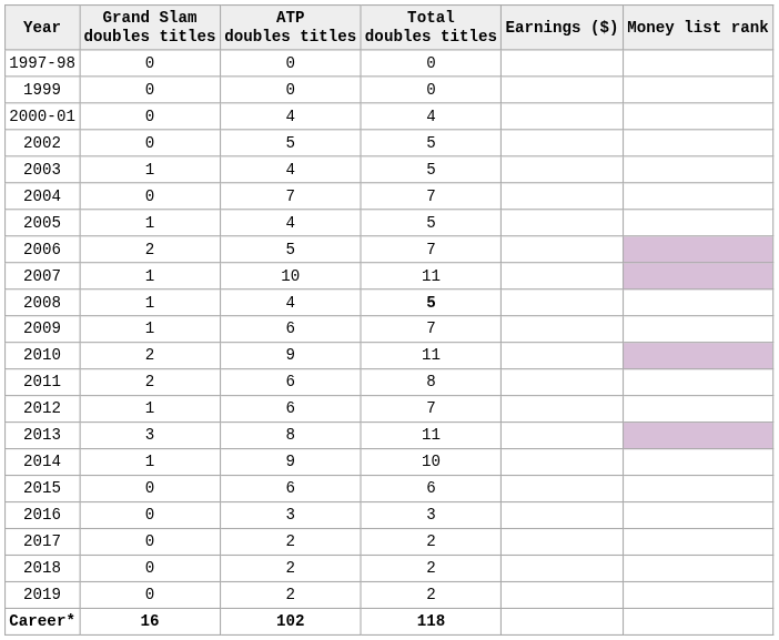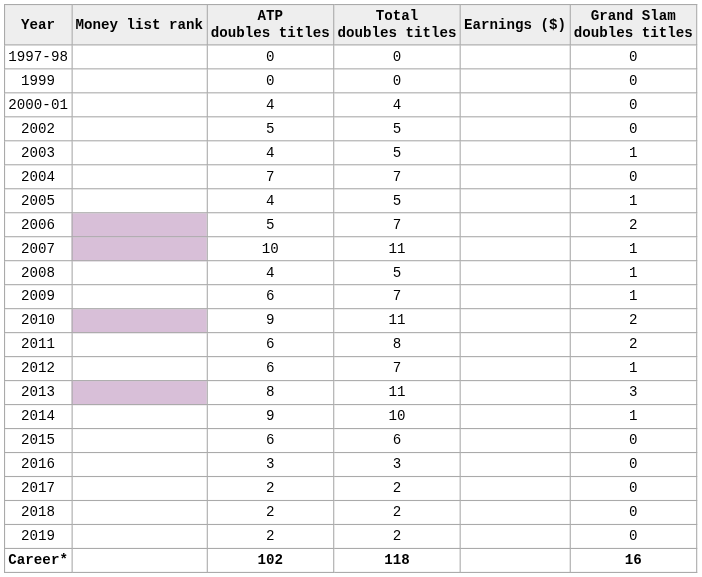 <table cellpadding=3 cellspacing=0 border=1 style=font-size:100%;border:#aaa;solid:1px;border-collapse:collapse;text-align:center>
 <tr bgcolor=EEEEEE>
 <th>Year</th>
-<th>Grand Slam<br>doubles titles</th>
+<th>Money list rank</th>
 <th>ATP <br>doubles titles</th>
 <th>Total<br>doubles titles</th>
 <th>Earnings ($)</th>
-<th>Money list rank</th>
+<th>Grand Slam<br>doubles titles</th>
 </tr>
 <tr>
 <td>1997-98</td>
-<td>0</td>
+<td></td>
 <td>0</td>
 <td>0</td>
 <td align=right></td>
-<td></td>
+<td>0</td>
 </tr>
 <tr>
 <td>1999</td>
-<td>0</td>
+<td></td>
 <td>0</td>
 <td>0</td>
 <td align=right></td>
-<td></td>
+<td>0</td>
 </tr>
 <tr>
 <td>2000-01</td>
-<td>0</td>
+<td></td>
 <td>4</td>
 <td>4</td>
 <td align=right></td>
-<td></td>
+<td>0</td>
 </tr>
 <tr>
 <td>2002</td>
-<td>0</td>
+<td></td>
 <td>5</td>
 <td>5</td>
 <td align=right></td>
-<td></td>
+<td>0</td>
 </tr>
 <tr>
 <td>2003</td>
-<td>1</td>
+<td></td>
 <td>4</td>
 <td>5</td>
 <td align=right></td>
-<td></td>
+<td>1</td>
 </tr>
 <tr>
 <td>2004</td>
-<td>0</td>
+<td></td>
 <td>7</td>
 <td>7</td>
 <td align=right></td>
-<td></td>
+<td>0</td>
 </tr>
 <tr>
 <td>2005</td>
-<td>1</td>
+<td></td>
 <td>4</td>
 <td>5</td>
 <td align=right></td>
-<td></td>
+<td>1</td>
 </tr>
 <tr>
 <td>2006</td>
-<td>2</td>
+<td bgcolor=D8BFD8></td>
 <td>5</td>
 <td>7</td>
 <td align=right></td>
-<td bgcolor=D8BFD8></td>
+<td>2</td>
 </tr>
 <tr>
 <td>2007</td>
-<td>1</td>
+<td bgcolor=D8BFD8></td>
 <td>10</td>
 <td>11</td>
 <td align=right></td>
-<td bgcolor=D8BFD8></td>
+<td>1</td>
 </tr>
 <tr>
 <td>2008</td>
+<td></td>
+<td>4</td>
+<td>5</td>
+<td align=right></td>
 <td>1</td>
-<td>4</td>
-<td><strong>5</strong></td>
-<td align=right></td>
-<td></td>
 </tr>
 <tr>
 <td>2009</td>
-<td>1</td>
+<td></td>
 <td>6</td>
 <td>7</td>
 <td align=right></td>
-<td></td>
+<td>1</td>
 </tr>
 <tr>
 <td>2010</td>
-<td>2</td>
+<td bgcolor=D8BFD8></td>
 <td>9</td>
 <td>11</td>
 <td align=right></td>
-<td bgcolor=D8BFD8></td>
+<td>2</td>
 </tr>
 <tr>
 <td>2011</td>
-<td>2</td>
+<td></td>
 <td>6</td>
 <td>8</td>
 <td align=right></td>
-<td></td>
+<td>2</td>
 </tr>
 <tr>
 <td>2012</td>
-<td>1</td>
+<td></td>
 <td>6</td>
 <td>7</td>
 <td align=right></td>
-<td></td>
+<td>1</td>
 </tr>
 <tr>
 <td>2013</td>
-<td>3</td>
+<td bgcolor=D8BFD8></td>
 <td>8</td>
 <td>11</td>
 <td align=right></td>
-<td bgcolor=D8BFD8></td>
+<td>3</td>
 </tr>
 <tr>
 <td>2014</td>
-<td>1</td>
+<td></td>
 <td>9</td>
 <td>10</td>
 <td align=right></td>
-<td></td>
+<td>1</td>
 </tr>
 <tr>
 <td>2015</td>
-<td>0</td>
+<td></td>
 <td>6</td>
 <td>6</td>
 <td align=right></td>
-<td></td>
+<td>0</td>
 </tr>
 <tr>
 <td>2016</td>
-<td>0</td>
+<td></td>
 <td>3</td>
 <td>3</td>
 <td align=right></td>
-<td></td>
+<td>0</td>
 </tr>
 <tr>
 <td>2017</td>
-<td>0</td>
+<td></td>
 <td>2</td>
 <td>2</td>
 <td align=right></td>
-<td></td>
+<td>0</td>
 </tr>
 <tr>
 <td>2018</td>
-<td>0</td>
+<td></td>
 <td>2</td>
 <td>2</td>
 <td align=right></td>
-<td></td>
+<td>0</td>
 </tr>
 <tr>
 <td>2019</td>
-<td>0</td>
+<td></td>
 <td>2</td>
 <td>2</td>
 <td align=right></td>
-<td></td>
+<td>0</td>
 </tr>
 <tr>
 <th>Career*</th>
-<th>16</th>
+<th></th>
 <th>102</th>
 <th>118</th>
 <th align=right></th>
-<th></th>
+<th>16</th>
 </tr>
 </table>
